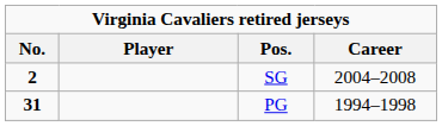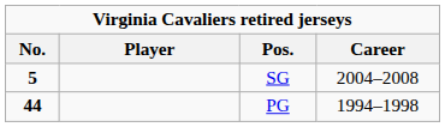 <table class="wikitable sortable" style="text-align:center">
 <tr>
 <td colspan="5"><strong>Virginia Cavaliers retired jerseys</strong></td>
 </tr>
 <tr>
 <th style="width:40px; ">No.</th>
 <th style="width:150px; ">Player</th>
 <th style="width:60px; ">Pos.</th>
 <th style="width:100px; ">Career</th>
 </tr>
 <tr>
-<td><strong>2</strong></td>
+<td><strong>5</strong></td>
 <td></td>
 <td><a href='#'>SG</a></td>
 <td>2004–2008</td>
 </tr>
 <tr>
-<td><strong>31</strong></td>
+<td><strong>44</strong></td>
 <td></td>
 <td><a href='#'>PG</a></td>
 <td>1994–1998</td>
 </tr>
 </table>
